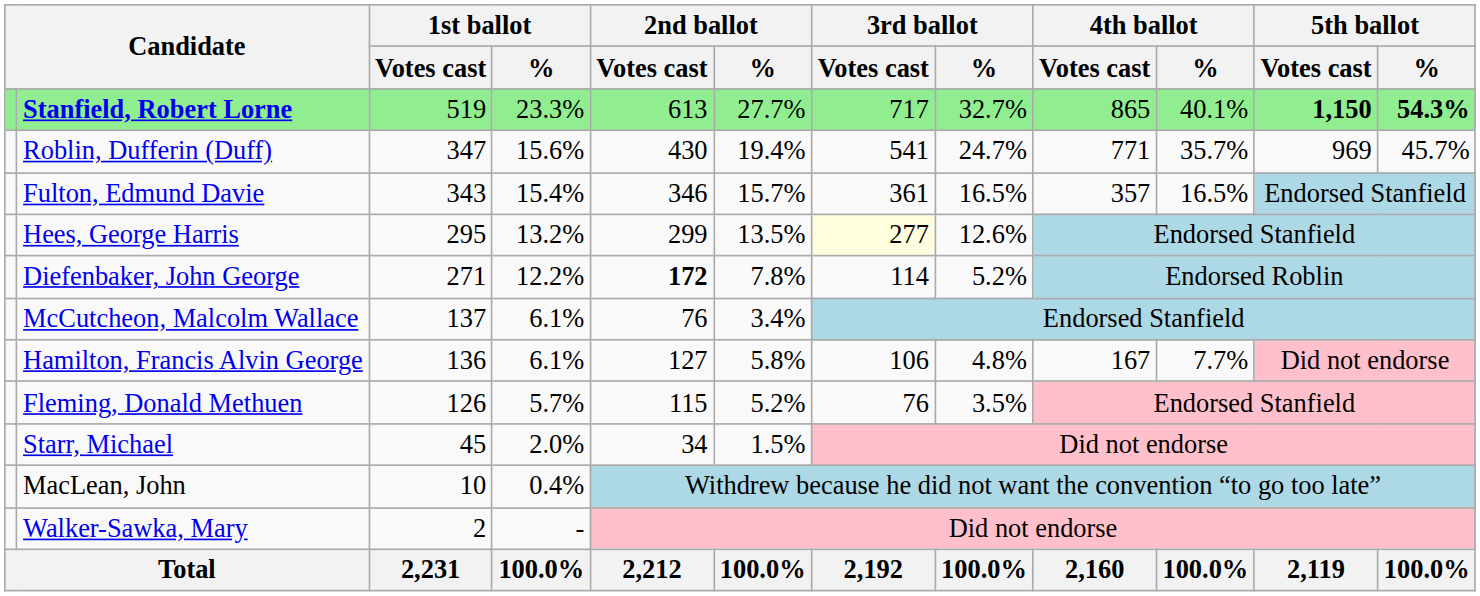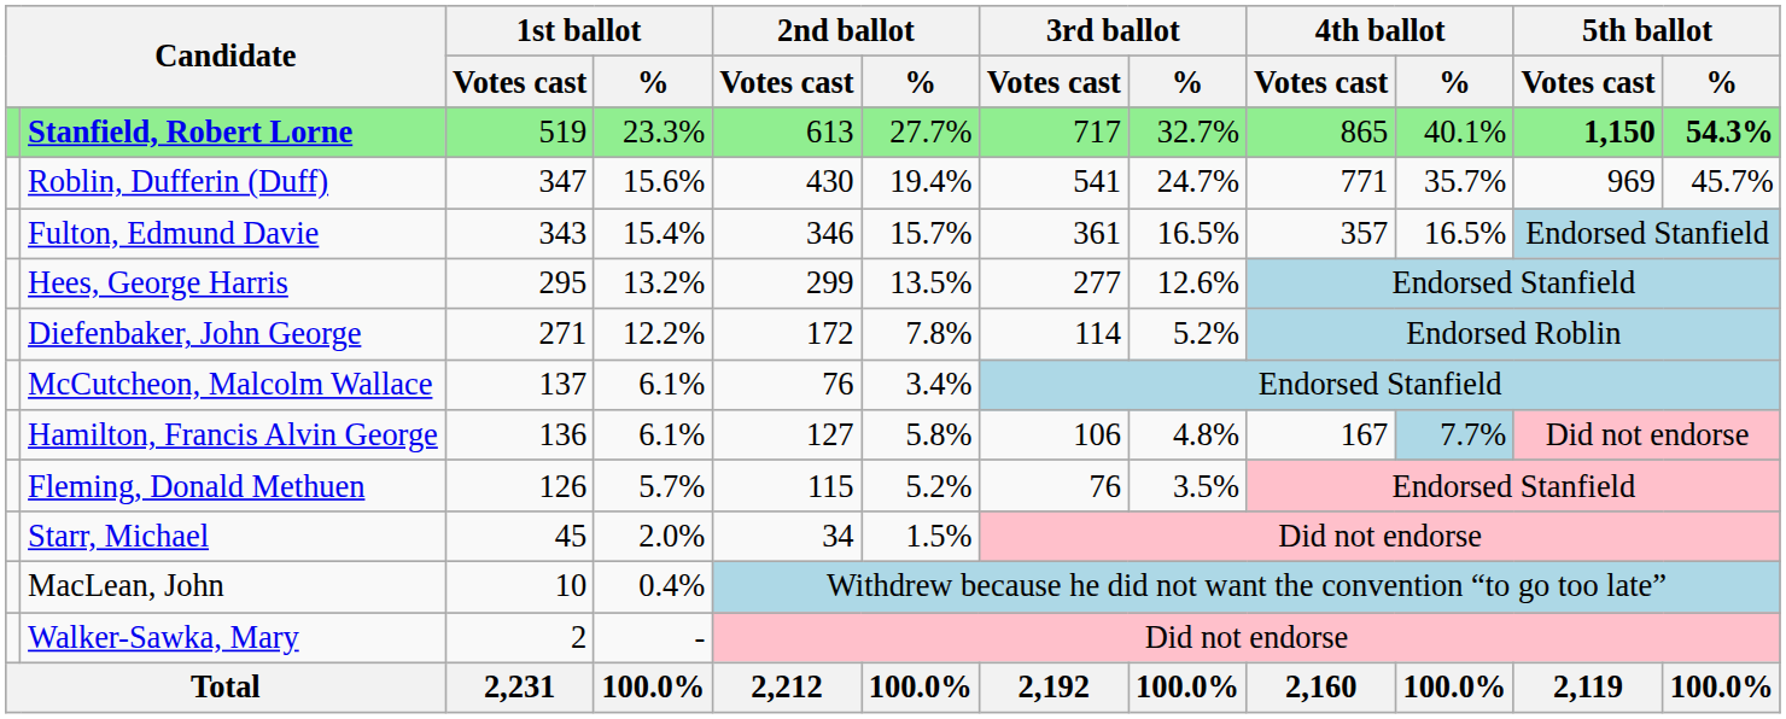 <table class="wikitable">
 <tr>
 <th colspan="2" rowspan="2">Candidate</th>
 <th colspan="2">1st ballot</th>
 <th colspan="2">2nd ballot</th>
 <th colspan="2">3rd ballot</th>
 <th colspan="2">4th ballot</th>
 <th colspan="2">5th ballot</th>
 </tr>
 <tr>
 <th>Votes cast</th>
 <th>%</th>
 <th>Votes cast</th>
 <th>%</th>
 <th>Votes cast</th>
 <th>%</th>
 <th>Votes cast</th>
 <th>%</th>
 <th>Votes cast</th>
 <th>%</th>
 </tr>
 <tr style="background:lightgreen;">
 <td></td>
 <td><strong><a href='#'>Stanfield, Robert Lorne</a></strong></td>
 <td align="right">519</td>
 <td align="right">23.3%</td>
 <td align="right">613</td>
 <td align="right">27.7%</td>
 <td align="right">717</td>
 <td align="right">32.7%</td>
 <td align="right">865</td>
 <td align="right">40.1%</td>
 <td align="right"><strong>1,150</strong></td>
 <td align="right"><strong>54.3%</strong></td>
 </tr>
 <tr>
 <td></td>
 <td><a href='#'>Roblin, Dufferin (Duff)</a></td>
 <td align="right">347</td>
 <td align="right">15.6%</td>
 <td align="right">430</td>
 <td align="right">19.4%</td>
 <td align="right">541</td>
 <td align="right">24.7%</td>
 <td align="right">771</td>
 <td align="right">35.7%</td>
 <td align="right">969</td>
 <td align="right">45.7%</td>
 </tr>
 <tr>
 <td></td>
 <td><a href='#'>Fulton, Edmund Davie</a></td>
 <td align="right">343</td>
 <td align="right">15.4%</td>
 <td align="right">346</td>
 <td align="right">15.7%</td>
 <td align="right">361</td>
 <td align="right">16.5%</td>
 <td align="right">357</td>
 <td align="right">16.5%</td>
 <td style="text-align:center; background:lightblue;" colspan="2">Endorsed Stanfield</td>
 </tr>
 <tr>
 <td></td>
 <td><a href='#'>Hees, George Harris</a></td>
 <td align="right">295</td>
 <td align="right">13.2%</td>
 <td align="right">299</td>
 <td align="right">13.5%</td>
-<td align="right" style="background: lightyellow;">277</td>
+<td align="right">277</td>
 <td align="right">12.6%</td>
 <td style="text-align:center; background:lightblue;" colspan="4">Endorsed Stanfield</td>
 </tr>
 <tr>
 <td></td>
 <td><a href='#'>Diefenbaker, John George</a></td>
 <td align="right">271</td>
 <td align="right">12.2%</td>
-<td align="right"><strong>172</strong></td>
+<td align="right">172</td>
 <td align="right">7.8%</td>
 <td align="right">114</td>
 <td align="right">5.2%</td>
 <td style="text-align:center; background:lightblue;" colspan="4">Endorsed Roblin</td>
 </tr>
 <tr>
 <td></td>
 <td><a href='#'>McCutcheon, Malcolm Wallace</a></td>
 <td align="right">137</td>
 <td align="right">6.1%</td>
 <td align="right">76</td>
 <td align="right">3.4%</td>
 <td style="text-align:center; background:lightblue;" colspan="6">Endorsed Stanfield</td>
 </tr>
 <tr>
 <td></td>
 <td><a href='#'>Hamilton, Francis Alvin George</a></td>
 <td align="right">136</td>
 <td align="right">6.1%</td>
 <td align="right">127</td>
 <td align="right">5.8%</td>
 <td align="right">106</td>
 <td align="right">4.8%</td>
 <td align="right">167</td>
-<td align="right">7.7%</td>
+<td align="right" style="background: lightblue;">7.7%</td>
 <td style="text-align:center; background:pink;" colspan="2">Did not endorse</td>
 </tr>
 <tr>
 <td></td>
 <td><a href='#'>Fleming, Donald Methuen</a></td>
 <td align="right">126</td>
 <td align="right">5.7%</td>
 <td align="right">115</td>
 <td align="right">5.2%</td>
 <td align="right">76</td>
 <td align="right">3.5%</td>
 <td style="text-align:center; background:pink;" colspan="4">Endorsed Stanfield</td>
 </tr>
 <tr>
 <td></td>
 <td><a href='#'>Starr, Michael</a></td>
 <td align="right">45</td>
 <td align="right">2.0%</td>
 <td align="right">34</td>
 <td align="right">1.5%</td>
 <td style="text-align:center; background:pink;" colspan="6">Did not endorse</td>
 </tr>
 <tr>
 <td></td>
 <td>MacLean, John</td>
 <td align="right">10</td>
 <td align="right">0.4%</td>
 <td style="text-align:center; background:lightblue;" colspan="8">Withdrew because he did not want the convention “to go too late”</td>
 </tr>
 <tr>
 <td></td>
 <td><a href='#'>Walker-Sawka, Mary</a></td>
 <td align="right">2</td>
 <td align="right">-</td>
 <td style="text-align:center; background:pink;" colspan="8">Did not endorse</td>
 </tr>
 <tr>
 <th colspan="2">Total</th>
 <th align="right">2,231</th>
 <th align="right">100.0%</th>
 <th align="right">2,212</th>
 <th align="right">100.0%</th>
 <th align="right">2,192</th>
 <th align="right">100.0%</th>
 <th align="right">2,160</th>
 <th align="right">100.0%</th>
 <th align="right">2,119</th>
 <th align="right">100.0%</th>
 </tr>
 </table>
